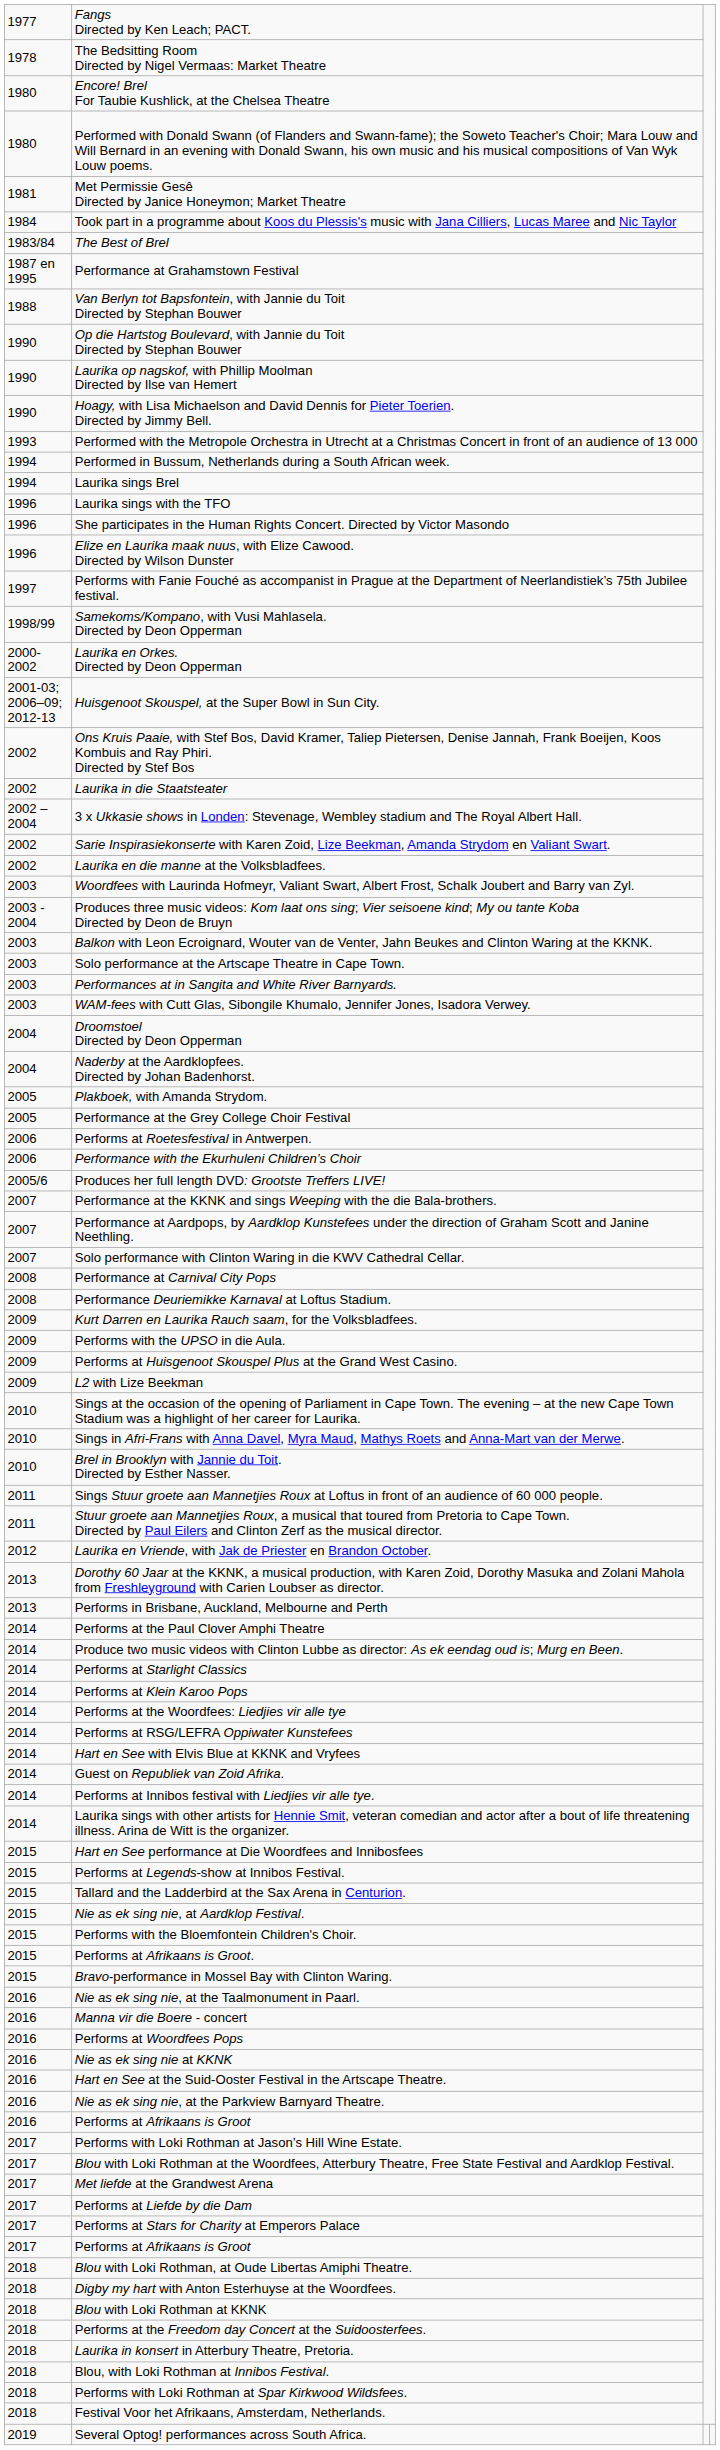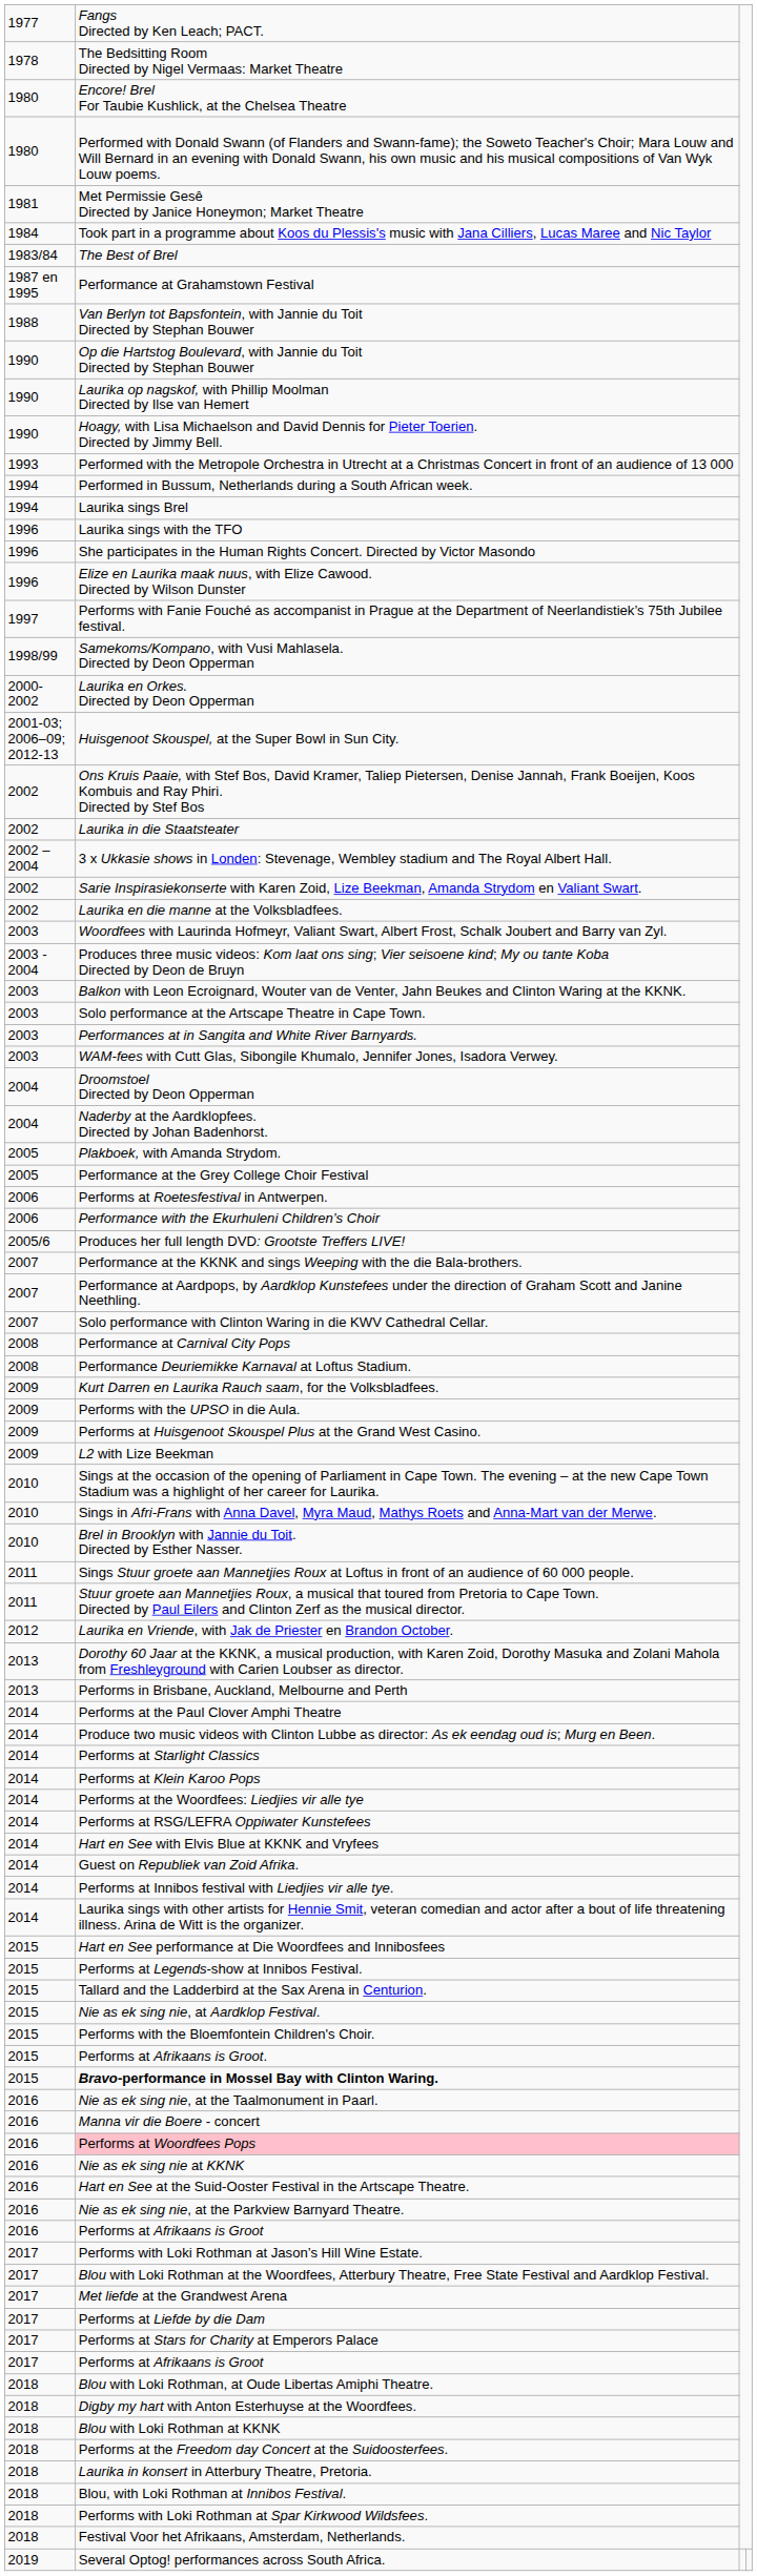 <table class="wikitable">
 <tr>
 <td>1977</td>
 <td><em>Fangs</em><br>Directed by Ken Leach; PACT.</td>
 </tr>
 <tr>
 <td>1978</td>
 <td>The Bedsitting Room<br>Directed by Nigel Vermaas: Market Theatre</td>
 </tr>
 <tr>
 <td>1980</td>
 <td><em>Encore! Brel</em><br>For Taubie Kushlick, at the Chelsea Theatre</td>
 </tr>
 <tr>
 <td>1980</td>
 <td><br>Performed with Donald Swann (of Flanders and Swann-fame); the Soweto Teacher's Choir; Mara Louw and Will Bernard in an evening with Donald Swann, his own music and his musical compositions of Van Wyk Louw poems.</td>
 </tr>
 <tr>
 <td>1981</td>
 <td>Met Permissie Gesê<br>Directed by Janice Honeymon; Market Theatre</td>
 </tr>
 <tr>
 <td>1984</td>
 <td>Took part in a programme about <a href='#'>Koos du Plessis's</a> music with <a href='#'>Jana Cilliers</a>, <a href='#'>Lucas Maree</a> and <a href='#'>Nic Taylor</a></td>
 </tr>
 <tr>
 <td>1983/84</td>
 <td><em>The Best of Brel</em></td>
 </tr>
 <tr>
 <td>1987 en 1995</td>
 <td>Performance at Grahamstown Festival</td>
 </tr>
 <tr>
 <td>1988</td>
 <td><em>Van Berlyn tot Bapsfontein</em>, with Jannie du Toit<br>Directed by Stephan Bouwer</td>
 </tr>
 <tr>
 <td>1990</td>
 <td><em>Op die Hartstog Boulevard</em>,  with Jannie du Toit<br>Directed by Stephan Bouwer</td>
 </tr>
 <tr>
 <td>1990</td>
 <td><em>Laurika op nagskof,</em> with  Phillip Moolman<br>Directed by Ilse van Hemert</td>
 </tr>
 <tr>
 <td>1990</td>
 <td><em>Hoagy,</em> with Lisa Michaelson and David Dennis for <a href='#'>Pieter Toerien</a>.<br>Directed by Jimmy Bell.</td>
 </tr>
 <tr>
 <td>1993</td>
 <td>Performed with the Metropole Orchestra in Utrecht at a Christmas Concert in front of an audience of 13 000</td>
 </tr>
 <tr>
 <td>1994</td>
 <td>Performed in Bussum, Netherlands during a South African week.</td>
 </tr>
 <tr>
 <td>1994</td>
 <td>Laurika sings Brel</td>
 </tr>
 <tr>
 <td>1996</td>
 <td>Laurika sings with the TFO</td>
 </tr>
 <tr>
 <td>1996</td>
 <td>She participates in the Human Rights Concert. Directed by Victor Masondo</td>
 </tr>
 <tr>
 <td>1996</td>
 <td><em>Elize en Laurika maak nuus</em>,  with Elize Cawood.<br>Directed by Wilson Dunster</td>
 </tr>
 <tr>
 <td>1997</td>
 <td>Performs with Fanie Fouché as accompanist in Prague at the Department of Neerlandistiek’s 75th Jubilee festival.</td>
 </tr>
 <tr>
 <td>1998/99</td>
 <td><em>Samekoms/Kompano</em>, with  Vusi Mahlasela.<br>Directed by Deon Opperman</td>
 </tr>
 <tr>
 <td>2000-2002</td>
 <td><em>Laurika en Orkes.</em><br>Directed by Deon Opperman</td>
 </tr>
 <tr>
 <td>2001-03;<br>2006–09;<br>2012-13</td>
 <td><em>Huisgenoot Skouspel,</em> at the Super Bowl in Sun City.</td>
 </tr>
 <tr>
 <td>2002</td>
 <td><em>Ons Kruis Paaie,</em> with Stef  Bos, David Kramer, Taliep Pietersen, Denise Jannah, Frank Boeijen, Koos  Kombuis and Ray Phiri.<br>Directed by Stef Bos</td>
 </tr>
 <tr>
 <td>2002</td>
 <td><em>Laurika in die Staatsteater</em></td>
 </tr>
 <tr>
 <td>2002 – 2004</td>
 <td>3 x <em>Ukkasie shows</em> in <a href='#'>Londen</a>: Stevenage, Wembley stadium and The Royal Albert Hall.</td>
 </tr>
 <tr>
 <td>2002</td>
 <td><em>Sarie Inspirasiekonserte</em> with Karen Zoid, <a href='#'>Lize Beekman</a>, <a href='#'>Amanda Strydom</a> en <a href='#'>Valiant Swart</a>.</td>
 </tr>
 <tr>
 <td>2002</td>
 <td><em>Laurika en die manne</em> at the Volksbladfees.</td>
 </tr>
 <tr>
 <td>2003</td>
 <td><em>Woordfees</em> with Laurinda  Hofmeyr, Valiant Swart, Albert Frost, Schalk Joubert and Barry van Zyl.</td>
 </tr>
 <tr>
 <td>2003 - 2004</td>
 <td>Produces three music videos: <em>Kom laat ons sing</em>; <em>Vier seisoene kind</em>; <em>My ou  tante Koba</em><br>Directed by Deon de Bruyn</td>
 </tr>
 <tr>
 <td>2003</td>
 <td><em>Balkon</em> with Leon Ecroignard,  Wouter van de Venter, Jahn Beukes and Clinton Waring at the KKNK.</td>
 </tr>
 <tr>
 <td>2003</td>
 <td>Solo performance at the Artscape Theatre in Cape Town.</td>
 </tr>
 <tr>
 <td>2003</td>
 <td><em>Performances at in Sangita and White River Barnyards.</em></td>
 </tr>
 <tr>
 <td>2003</td>
 <td><em>WAM-fees</em> with Cutt Glas,  Sibongile Khumalo, Jennifer Jones, Isadora Verwey.</td>
 </tr>
 <tr>
 <td>2004</td>
 <td><em>Droomstoel</em><br>Directed by Deon Opperman</td>
 </tr>
 <tr>
 <td>2004</td>
 <td><em>Naderby</em> at the Aardklopfees.<br>Directed by Johan Badenhorst.</td>
 </tr>
 <tr>
 <td>2005</td>
 <td><em>Plakboek,</em> with Amanda  Strydom.</td>
 </tr>
 <tr>
 <td>2005</td>
 <td>Performance at the Grey College Choir Festival</td>
 </tr>
 <tr>
 <td>2006</td>
 <td>Performs at <em>Roetesfestival</em> in  Antwerpen.</td>
 </tr>
 <tr>
 <td>2006</td>
 <td><em>Performance with the Ekurhuleni  Children’s Choir</em></td>
 </tr>
 <tr>
 <td>2005/6</td>
 <td>Produces her full length DVD<em>: Grootste Treffers LIVE!</em></td>
 </tr>
 <tr>
 <td>2007</td>
 <td>Performance at the KKNK and sings <em>Weeping</em>  with the die Bala-brothers.</td>
 </tr>
 <tr>
 <td>2007</td>
 <td>Performance at Aardpops, by <em>Aardklop  Kunstefees</em> under the direction of Graham Scott and Janine Neethling.</td>
 </tr>
 <tr>
 <td>2007</td>
 <td>Solo performance with Clinton Waring in die KWV Cathedral Cellar.</td>
 </tr>
 <tr>
 <td>2008</td>
 <td>Performance at <em>Carnival City Pops</em></td>
 </tr>
 <tr>
 <td>2008</td>
 <td>Performance <em>Deuriemikke Karnaval</em>  at Loftus Stadium.</td>
 </tr>
 <tr>
 <td>2009</td>
 <td><em>Kurt Darren en Laurika Rauch  saam</em>, for the Volksbladfees.</td>
 </tr>
 <tr>
 <td>2009</td>
 <td>Performs with the <em>UPSO</em> in  die Aula.</td>
 </tr>
 <tr>
 <td>2009</td>
 <td>Performs at <em>Huisgenoot Skouspel  Plus</em> at the Grand West Casino.</td>
 </tr>
 <tr>
 <td>2009</td>
 <td><em>L2</em> with Lize Beekman</td>
 </tr>
 <tr>
 <td>2010</td>
 <td>Sings at the occasion of the opening of Parliament in Cape Town. The evening – at the new Cape Town Stadium was a highlight of her career for Laurika.</td>
 </tr>
 <tr>
 <td>2010</td>
 <td>Sings in <em>Afri-Frans</em> with  <a href='#'>Anna Davel</a>, <a href='#'>Myra Maud</a>, <a href='#'>Mathys Roets</a> and <a href='#'>Anna-Mart van der Merwe</a>.</td>
 </tr>
 <tr>
 <td>2010</td>
 <td><em>Brel in Brooklyn</em> with <a href='#'>Jannie du Toit</a>.<br>Directed by Esther Nasser.</td>
 </tr>
 <tr>
 <td>2011</td>
 <td>Sings <em>Stuur groete aan Mannetjies Roux</em> at Loftus in front of an audience of 60 000 people.</td>
 </tr>
 <tr>
 <td>2011</td>
 <td><em>Stuur groete aan Mannetjies  Roux</em>, a musical that toured from Pretoria to Cape Town.<br>Directed by <a href='#'>Paul Eilers</a> and Clinton Zerf as the musical director.</td>
 </tr>
 <tr>
 <td>2012</td>
 <td><em>Laurika en Vriende</em>, with <a href='#'>Jak de Priester</a> en <a href='#'>Brandon October</a>.</td>
 </tr>
 <tr>
 <td>2013</td>
 <td><em>Dorothy 60 Jaar</em> at the KKNK, a musical production, with Karen Zoid, Dorothy Masuka and Zolani Mahola from <a href='#'>Freshleyground</a> with Carien Loubser as director.</td>
 </tr>
 <tr>
 <td>2013</td>
 <td>Performs in Brisbane, Auckland, Melbourne and Perth</td>
 </tr>
 <tr>
 <td>2014</td>
 <td>Performs at the Paul Clover Amphi Theatre</td>
 </tr>
 <tr>
 <td>2014</td>
 <td>Produce two music videos with Clinton Lubbe as director: <em>As ek eendag oud is</em>; <em>Murg en Been</em>.</td>
 </tr>
 <tr>
 <td>2014</td>
 <td>Performs at <em>Starlight Classics</em></td>
 </tr>
 <tr>
 <td>2014</td>
 <td>Performs at <em>Klein Karoo Pops</em></td>
 </tr>
 <tr>
 <td>2014</td>
 <td>Performs at the Woordfees: <em>Liedjies  vir alle tye</em></td>
 </tr>
 <tr>
 <td>2014</td>
 <td>Performs at RSG/LEFRA <em>Oppiwater  Kunstefees</em></td>
 </tr>
 <tr>
 <td>2014</td>
 <td><em>Hart en See</em> with Elvis  Blue at KKNK and Vryfees</td>
 </tr>
 <tr>
 <td>2014</td>
 <td>Guest on <em>Republiek van Zoid  Afrika</em>.</td>
 </tr>
 <tr>
 <td>2014</td>
 <td>Performs at Innibos festival with <em>Liedjies  vir alle tye</em>.</td>
 </tr>
 <tr>
 <td>2014</td>
 <td>Laurika sings with other artists for <a href='#'>Hennie Smit</a>, veteran comedian and actor after a bout of life threatening illness. Arina de Witt is the organizer.</td>
 </tr>
 <tr>
 <td>2015</td>
 <td><em>Hart en See</em> performance at  Die Woordfees and Innibosfees</td>
 </tr>
 <tr>
 <td>2015</td>
 <td>Performs at <em>Legends</em>-show  at Innibos Festival.</td>
 </tr>
 <tr>
 <td>2015</td>
 <td>Tallard and the Ladderbird at the Sax Arena in <a href='#'>Centurion</a>.</td>
 </tr>
 <tr>
 <td>2015</td>
 <td><em>Nie as ek sing nie</em>, at <em>Aardklop Festival</em>.</td>
 </tr>
 <tr>
 <td>2015</td>
 <td>Performs with the Bloemfontein Children's Choir.</td>
 </tr>
 <tr>
 <td>2015</td>
 <td>Performs at <em>Afrikaans is Groot</em>.</td>
 </tr>
 <tr>
 <td>2015</td>
-<td><em>Bravo</em>-performance in Mossel Bay with Clinton Waring.</td>
+<td><strong><em>Bravo</em>-performance in Mossel Bay with Clinton Waring.</strong></td>
 </tr>
 <tr>
 <td>2016</td>
 <td><em>Nie as ek sing nie</em>, at the Taalmonument in Paarl.</td>
 </tr>
 <tr>
 <td>2016</td>
 <td><em>Manna vir die Boere</em> -  concert</td>
 </tr>
 <tr>
 <td>2016</td>
-<td>Performs at <em>Woordfees Pops</em></td>
+<td style="background: pink;">Performs at <em>Woordfees Pops</em></td>
 </tr>
 <tr>
 <td>2016</td>
 <td><em>Nie as ek sing nie</em> at <em>KKNK</em></td>
 </tr>
 <tr>
 <td>2016</td>
 <td><em>Hart en See</em> at the Suid-Ooster Festival in the Artscape Theatre.</td>
 </tr>
 <tr>
 <td>2016</td>
 <td><em>Nie as ek sing nie</em>, at the Parkview  Barnyard Theatre.</td>
 </tr>
 <tr>
 <td>2016</td>
 <td>Performs at <em>Afrikaans is Groot</em></td>
 </tr>
 <tr>
 <td>2017</td>
 <td>Performs with Loki Rothman at Jason’s Hill Wine Estate.</td>
 </tr>
 <tr>
 <td>2017</td>
 <td><em>Blou</em> with Loki Rothman at the Woordfees, Atterbury Theatre, Free State Festival and Aardklop Festival.</td>
 </tr>
 <tr>
 <td>2017</td>
 <td><em>Met liefde</em> at the Grandwest  Arena</td>
 </tr>
 <tr>
 <td>2017</td>
 <td>Performs at <em>Liefde by die Dam</em></td>
 </tr>
 <tr>
 <td>2017</td>
 <td>Performs at <em>Stars for Charity</em> at  Emperors Palace</td>
 </tr>
 <tr>
 <td>2017</td>
 <td>Performs at <em>Afrikaans is Groot</em></td>
 </tr>
 <tr>
 <td>2018</td>
 <td><em>Blou</em> with Loki Rothman,  at Oude Libertas Amiphi Theatre.</td>
 </tr>
 <tr>
 <td>2018</td>
 <td><em>Digby my hart</em> with  Anton Esterhuyse at the Woordfees.</td>
 </tr>
 <tr>
 <td>2018</td>
 <td><em>Blou</em> with Loki Rothman at KKNK</td>
 </tr>
 <tr>
 <td>2018</td>
 <td>Performs at the <em>Freedom day Concert</em> at the <em>Suidoosterfees</em>.</td>
 </tr>
 <tr>
 <td>2018</td>
 <td><em>Laurika in konsert</em> in Atterbury Theatre, Pretoria.</td>
 </tr>
 <tr>
 <td>2018</td>
 <td>Blou, with Loki Rothman at <em>Innibos Festival</em>.</td>
 </tr>
 <tr>
 <td>2018</td>
 <td>Performs with Loki Rothman at <em>Spar Kirkwood Wildsfees</em>.</td>
 </tr>
 <tr>
 <td>2018</td>
 <td>Festival Voor het Afrikaans, Amsterdam, Netherlands.</td>
 </tr>
 <tr>
 <td>2019</td>
 <td>Several Optog! performances across South Africa.</td>
 <td></td>
 <td></td>
 </tr>
 </table>
